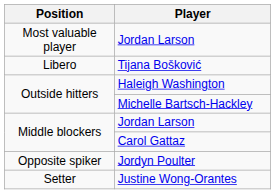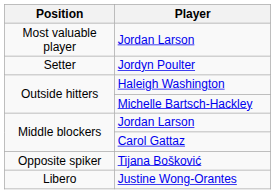 <table class="wikitable">
 <tr>
 <th width=140>Position</th>
 <th width=200>Player</th>
 </tr>
 <tr>
 <td style="text-align:center">Most valuable player</td>
 <td> <a href='#'>Jordan Larson</a></td>
 </tr>
 <tr>
-<td style="text-align:center">Libero</td>
-<td> <a href='#'>Tijana Bošković</a></td>
+<td style="text-align:center">Setter</td>
+<td> <a href='#'>Jordyn Poulter</a></td>
 </tr>
 <tr>
 <td rowspan=2 style="text-align:center">Outside hitters</td>
 <td> <a href='#'>Haleigh Washington</a></td>
 </tr>
 <tr>
 <td> <a href='#'>Michelle Bartsch-Hackley</a></td>
 </tr>
 <tr>
 <td rowspan=2 style="text-align:center">Middle blockers</td>
 <td> <a href='#'>Jordan Larson</a></td>
 </tr>
 <tr>
 <td> <a href='#'>Carol Gattaz</a></td>
 </tr>
 <tr>
 <td style="text-align:center">Opposite spiker</td>
-<td> <a href='#'>Jordyn Poulter</a></td>
+<td> <a href='#'>Tijana Bošković</a></td>
 </tr>
 <tr>
-<td style="text-align:center">Setter</td>
+<td style="text-align:center">Libero</td>
 <td> <a href='#'>Justine Wong-Orantes</a></td>
 </tr>
 </table>
